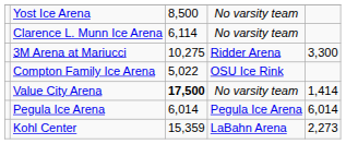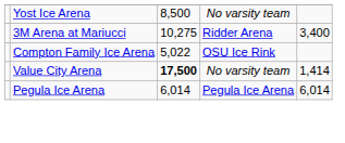 <table class="wikitable sortable">
 <tr>
 </tr>
 <tr>
 <td><a href='#'></a></td>
 <td><a href='#'>Yost Ice Arena</a></td>
 <td>8,500</td>
 <td style="text-align: center;" data-sort-value=""><em>No varsity team</em></td>
 <td></td>
 </tr>
 <tr>
 <td><a href='#'></a></td>
-<td><a href='#'>Clarence L. Munn Ice Arena</a></td>
-<td>6,114</td>
-<td style="text-align: center;" data-sort-value=""><em>No varsity team</em></td>
-<td></td>
-</tr>
-<tr>
-<td><a href='#'></a></td>
 <td><a href='#'>3M Arena at Mariucci</a></td>
 <td>10,275</td>
 <td><a href='#'>Ridder Arena</a></td>
-<td>3,300</td>
+<td>3,400</td>
 </tr>
 <tr>
 <td><a href='#'></a></td>
 <td><a href='#'>Compton Family Ice Arena</a></td>
 <td>5,022</td>
 <td><a href='#'>OSU Ice Rink</a></td>
 <td></td>
 </tr>
 <tr>
 <td><a href='#'></a></td>
 <td><a href='#'>Value City Arena</a></td>
 <td><strong>17,500</strong></td>
 <td style="text-align: center;" data-sort-value=""><em>No varsity team</em></td>
 <td>1,414</td>
 </tr>
 <tr>
 <td><a href='#'></a></td>
 <td><a href='#'>Pegula Ice Arena</a></td>
 <td>6,014</td>
 <td><a href='#'>Pegula Ice Arena</a></td>
 <td>6,014</td>
 </tr>
-<tr>
-<td><a href='#'></a></td>
-<td><a href='#'>Kohl Center</a></td>
-<td>15,359</td>
-<td><a href='#'>LaBahn Arena</a></td>
-<td>2,273</td>
-</tr>
 </table>
